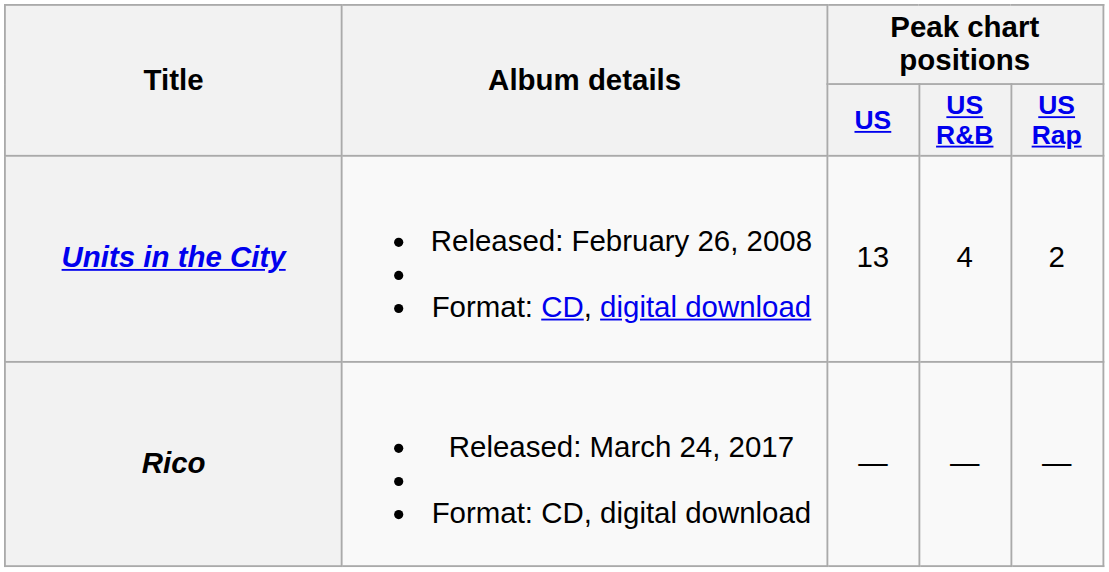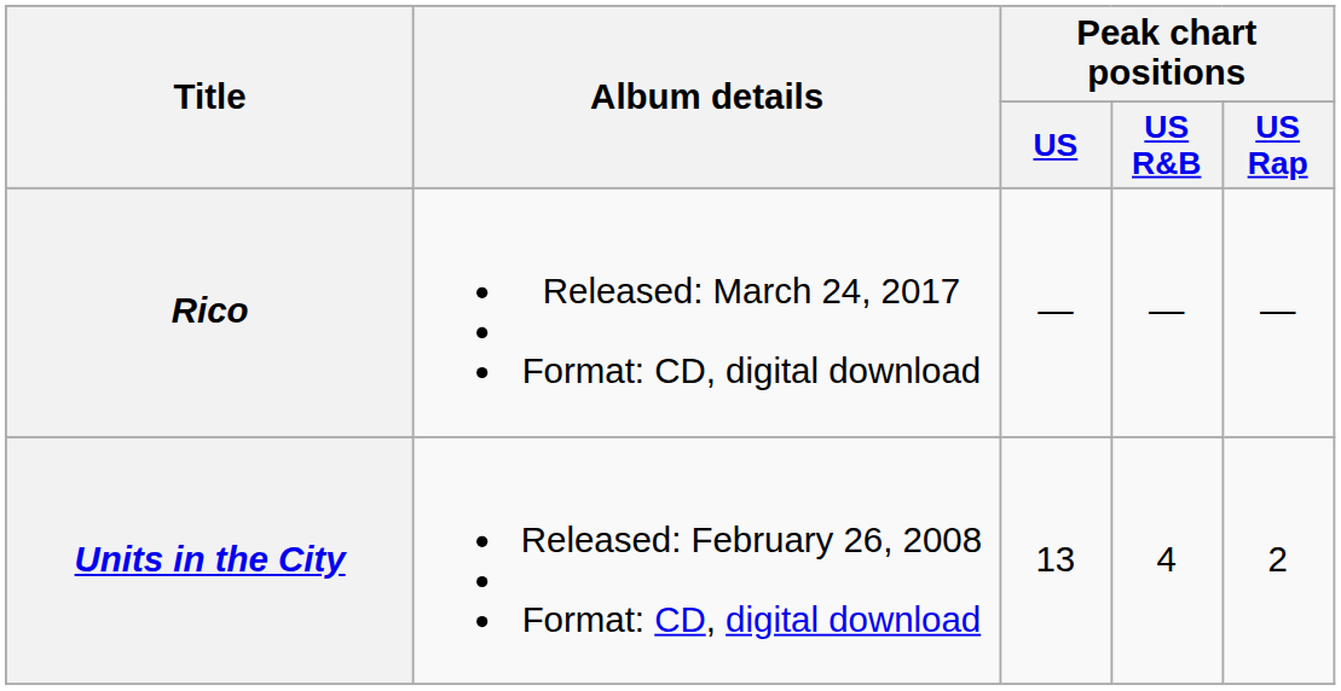 <table class="wikitable plainrowheaders" style="text-align:center;">
 <tr>
 <th scope="col" rowspan="2" style="width:11em;">Title</th>
 <th scope="col" rowspan="2" style="width:16em;">Album details</th>
 <th scope="col" colspan="3">Peak chart positions</th>
 </tr>
 <tr>
 <th style="width:3em;font-size:90%;"><a href='#'>US</a><br></th>
 <th style="width:3em;font-size:90%;"><a href='#'>US<br>R&B</a><br></th>
 <th style="width:3em;font-size:90%;"><a href='#'>US<br>Rap</a><br></th>
 </tr>
 <tr>
+<th scope="row"><em>Rico</em></th>
+<td><br><ul><li>Released: March 24, 2017</li><li></li><li>Format: CD, digital download</li></ul></td>
+<td>—</td>
+<td>—</td>
+<td>—</td>
+</tr>
+<tr>
 <th scope="row"><em><a href='#'>Units in the City</a></em></th>
 <td><br><ul><li>Released: February 26, 2008</li><li></li><li>Format: <a href='#'>CD</a>, <a href='#'>digital download</a></li></ul></td>
 <td>13</td>
 <td>4</td>
 <td>2</td>
 </tr>
-<tr>
-<th scope="row"><em>Rico</em></th>
-<td><br><ul><li>Released: March 24, 2017</li><li></li><li>Format: CD, digital download</li></ul></td>
-<td>—</td>
-<td>—</td>
-<td>—</td>
-</tr>
 </table>
